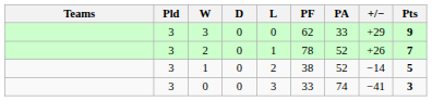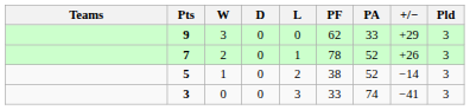 <table class="wikitable" style="text-align: center;">
 <tr>
 <th width="200">Teams</th>
-<th width="40">Pld</th>
+<th width="40">Pts</th>
 <th width="40">W</th>
 <th width="40">D</th>
 <th width="40">L</th>
 <th width="40">PF</th>
 <th width="40">PA</th>
 <th width="40">+/−</th>
-<th width="40">Pts</th>
+<th width="40">Pld</th>
 </tr>
 <tr bgcolor=ccffcc>
 <td align=left></td>
-<td>3</td>
+<td><strong>9</strong></td>
 <td>3</td>
 <td>0</td>
 <td>0</td>
 <td>62</td>
 <td>33</td>
 <td>+29</td>
-<td><strong>9</strong></td>
+<td>3</td>
 </tr>
 <tr bgcolor=ccffcc>
 <td align=left></td>
-<td>3</td>
+<td><strong>7</strong></td>
 <td>2</td>
 <td>0</td>
 <td>1</td>
 <td>78</td>
 <td>52</td>
 <td>+26</td>
-<td><strong>7</strong></td>
+<td>3</td>
 </tr>
 <tr>
 <td align=left></td>
-<td>3</td>
+<td><strong>5</strong></td>
 <td>1</td>
 <td>0</td>
 <td>2</td>
 <td>38</td>
 <td>52</td>
 <td>−14</td>
-<td><strong>5</strong></td>
+<td>3</td>
 </tr>
 <tr>
 <td align=left></td>
-<td>3</td>
+<td><strong>3</strong></td>
 <td>0</td>
 <td>0</td>
 <td>3</td>
 <td>33</td>
 <td>74</td>
 <td>−41</td>
-<td><strong>3</strong></td>
+<td>3</td>
 </tr>
 </table>
